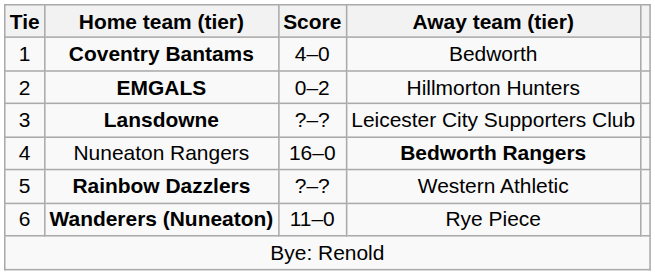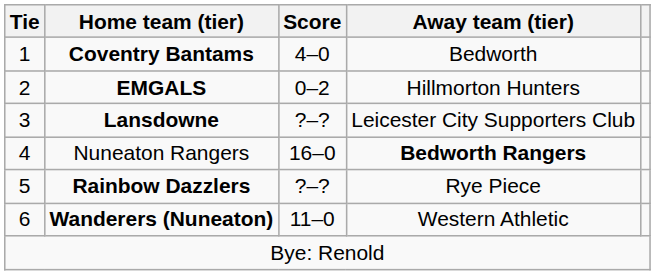 <table class="wikitable" style="text-align:center; font-size:85%">
 <tr>
 <th>Tie</th>
 <th>Home team (tier)</th>
 <th>Score</th>
 <th>Away team (tier)</th>
 <th></th>
 </tr>
 <tr>
 <td align="center">1</td>
 <td><strong>Coventry Bantams</strong></td>
 <td align="center">4–0</td>
 <td>Bedworth</td>
 <td></td>
 </tr>
 <tr>
 <td align="center">2</td>
 <td><strong>EMGALS</strong></td>
 <td align="center">0–2</td>
 <td>Hillmorton Hunters</td>
 <td></td>
 </tr>
 <tr>
 <td align="center">3</td>
 <td><strong>Lansdowne</strong></td>
 <td align="center">?–?</td>
 <td>Leicester City Supporters Club</td>
 <td></td>
 </tr>
 <tr>
 <td align="center">4</td>
 <td>Nuneaton Rangers</td>
 <td align="center">16–0</td>
 <td><strong>Bedworth Rangers</strong></td>
 <td></td>
 </tr>
 <tr>
 <td align="center">5</td>
 <td><strong>Rainbow Dazzlers</strong></td>
 <td align="center">?–?</td>
-<td>Western Athletic</td>
+<td>Rye Piece</td>
 <td></td>
 </tr>
 <tr>
 <td align="center">6</td>
 <td><strong>Wanderers (Nuneaton)</strong></td>
 <td align="center">11–0</td>
-<td>Rye Piece</td>
+<td>Western Athletic</td>
 <td></td>
 </tr>
 <tr>
 <td colspan="5" align="center">Bye: Renold</td>
 </tr>
 </table>
